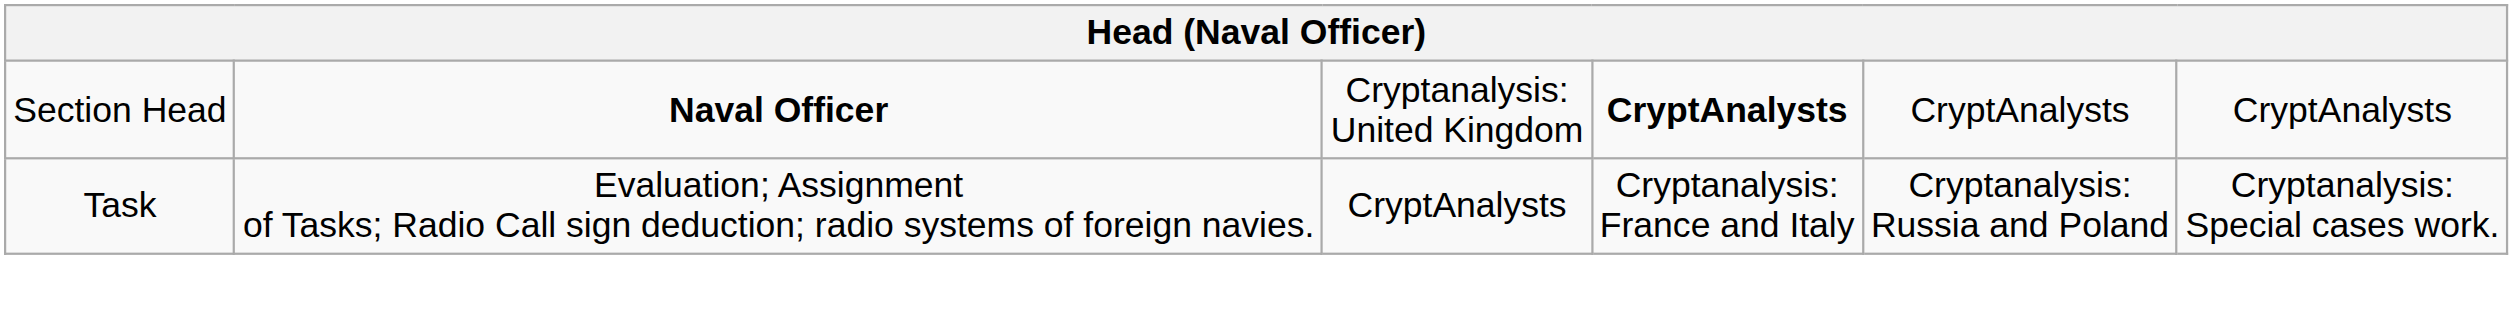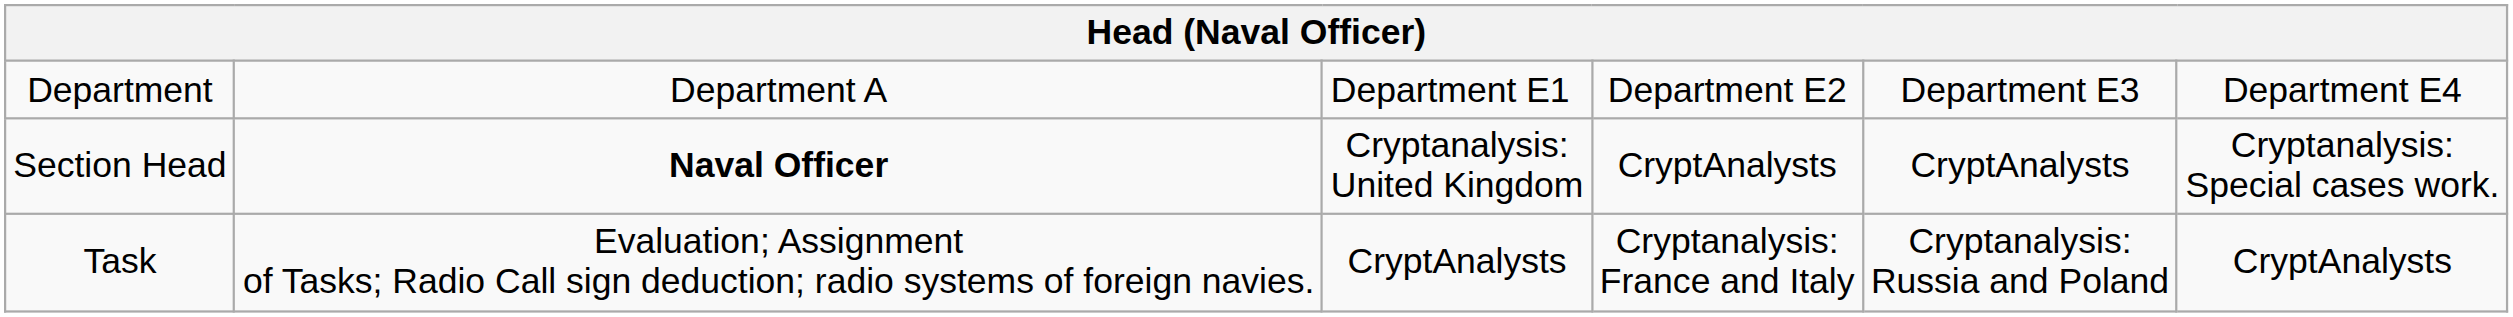 <table class="wikitable">
 <tr>
 <th colspan="6" style="text-align: center;">Head (Naval Officer)</th>
 </tr>
 <tr>
+<td style="text-align: center;">Department</td>
+<td style="text-align: center;">Department A</td>
+<td>Department E1</td>
+<td style="text-align: center;">Department E2</td>
+<td style="text-align: center;">Department E3</td>
+<td style="text-align: center;">Department E4</td>
+</tr>
+<tr>
 <td style="text-align: center;">Section Head</td>
 <td style="text-align: center;"><strong>Naval Officer</strong></td>
 <td style="text-align: center;">Cryptanalysis:<br>United Kingdom</td>
-<td style="text-align: center;"><strong>CryptAnalysts</strong></td>
 <td style="text-align: center;">CryptAnalysts</td>
 <td style="text-align: center;">CryptAnalysts</td>
+<td style="text-align: center;">Cryptanalysis:<br>Special cases  work.</td>
 </tr>
 <tr>
 <td style="text-align: center;">Task</td>
 <td style="text-align: center;">Evaluation; Assignment<br>of Tasks; Radio Call sign  deduction; radio systems  of foreign navies.</td>
 <td style="text-align: center;">CryptAnalysts</td>
 <td style="text-align: center;">Cryptanalysis:<br>France and Italy</td>
 <td style="text-align: center;">Cryptanalysis:<br>Russia and Poland</td>
-<td style="text-align: center;">Cryptanalysis:<br>Special cases  work.</td>
+<td style="text-align: center;">CryptAnalysts</td>
 </tr>
 </table>
